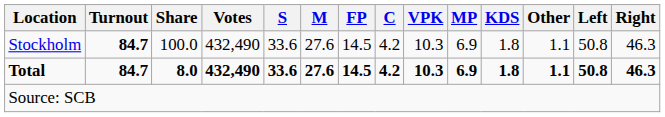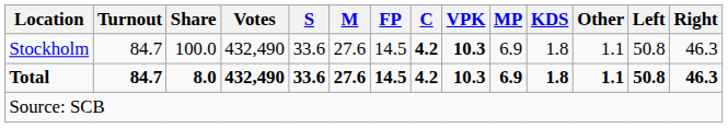 <table class="wikitable sortable" style=text-align:right>
 <tr>
 <th>Location</th>
 <th>Turnout</th>
 <th>Share</th>
 <th>Votes</th>
 <th><a href='#'>S</a></th>
 <th><a href='#'>M</a></th>
 <th><a href='#'>FP</a></th>
 <th><a href='#'>C</a></th>
 <th><a href='#'>VPK</a></th>
 <th><a href='#'>MP</a></th>
 <th><a href='#'>KDS</a></th>
 <th>Other</th>
 <th>Left</th>
 <th>Right</th>
 </tr>
 <tr>
 <td align=left><a href='#'>Stockholm</a></td>
-<td><strong>84.7</strong></td>
+<td>84.7</td>
 <td>100.0</td>
 <td>432,490</td>
 <td>33.6</td>
 <td>27.6</td>
 <td>14.5</td>
-<td>4.2</td>
-<td>10.3</td>
+<td><strong>4.2</strong></td>
+<td><strong>10.3</strong></td>
 <td>6.9</td>
 <td>1.8</td>
 <td>1.1</td>
 <td>50.8</td>
 <td>46.3</td>
 </tr>
 <tr>
 <td align=left><strong>Total</strong></td>
 <td><strong>84.7</strong></td>
 <td><strong>8.0</strong></td>
 <td><strong>432,490</strong></td>
 <td><strong>33.6</strong></td>
 <td><strong>27.6</strong></td>
 <td><strong>14.5</strong></td>
 <td><strong>4.2</strong></td>
 <td><strong>10.3</strong></td>
 <td><strong>6.9</strong></td>
 <td><strong>1.8</strong></td>
 <td><strong>1.1</strong></td>
 <td><strong>50.8</strong></td>
 <td><strong>46.3</strong></td>
 </tr>
 <tr>
 <td align=left colspan=14>Source: SCB </td>
 </tr>
 </table>
